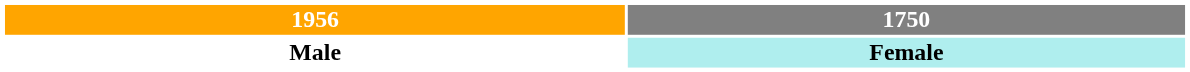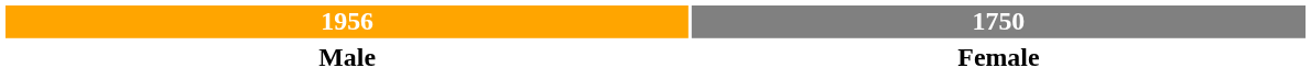 <table style="width:90%; text-align:center;">
 <tr style="color:white;">
 <td style="background:orange; width:52.7%;"><strong>1956</strong></td>
 <td style="background:grey; width:47.23%;"><strong>1750</strong></td>
 </tr>
 <tr>
 <td><span><strong>Male</strong></span></td>
-<td style="background: paleturquoise;"><span><strong>Female</strong></span></td>
+<td><span><strong>Female</strong></span></td>
 </tr>
 </table>
